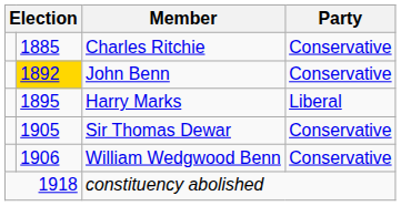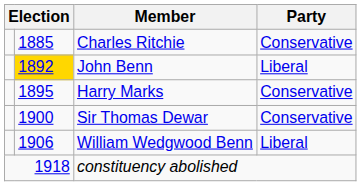 <table class="wikitable">
 <tr>
 <th colspan="2">Election</th>
 <th>Member</th>
 <th>Party</th>
 </tr>
 <tr>
 <td style="color:inherit;background-color: "></td>
 <td><a href='#'>1885</a></td>
 <td><a href='#'>Charles Ritchie</a></td>
 <td><a href='#'>Conservative</a></td>
 </tr>
 <tr>
 <td style="color:inherit;background-color: "></td>
 <td style="background: gold;"><a href='#'>1892</a></td>
 <td><a href='#'>John Benn</a></td>
-<td><a href='#'>Conservative</a></td>
+<td><a href='#'>Liberal</a></td>
 </tr>
 <tr>
 <td style="color:inherit;background-color: "></td>
 <td><a href='#'>1895</a></td>
 <td><a href='#'>Harry Marks</a></td>
-<td><a href='#'>Liberal</a></td>
+<td><a href='#'>Conservative</a></td>
 </tr>
 <tr>
 <td style="color:inherit;background-color: "></td>
-<td><a href='#'>1905</a></td>
+<td><a href='#'>1900</a></td>
 <td><a href='#'>Sir Thomas Dewar</a></td>
 <td><a href='#'>Conservative</a></td>
 </tr>
 <tr>
 <td style="color:inherit;background-color: "></td>
 <td><a href='#'>1906</a></td>
 <td><a href='#'>William Wedgwood Benn</a></td>
-<td><a href='#'>Conservative</a></td>
+<td><a href='#'>Liberal</a></td>
 </tr>
 <tr>
 <td colspan="2" align="right"><a href='#'>1918</a></td>
 <td colspan="2"><em>constituency abolished</em></td>
 </tr>
 </table>
